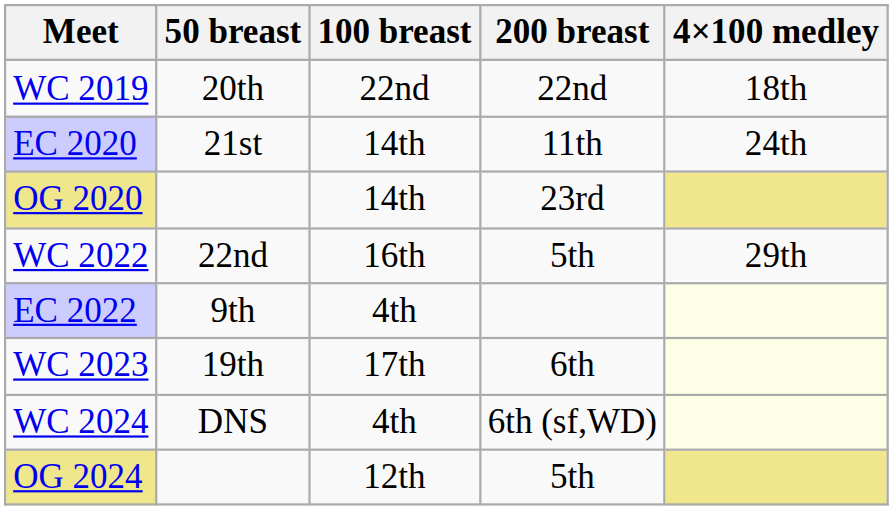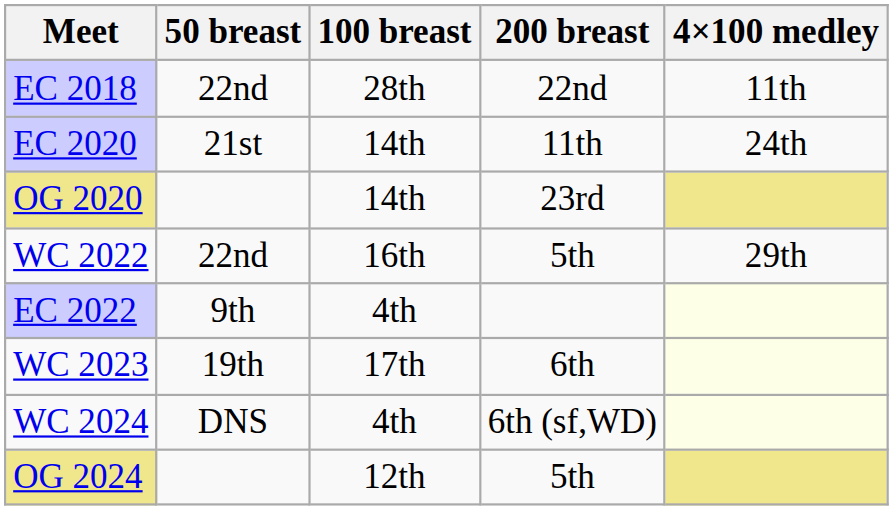 <table class="sortable wikitable">
 <tr>
 <th>Meet</th>
 <th class="unsortable">50 breast</th>
 <th class="unsortable">100 breast</th>
 <th class="unsortable">200 breast</th>
 <th class="unsortable">4×100 medley</th>
 </tr>
 <tr>
-<td><a href='#'>WC 2019</a></td>
-<td align="center">20th</td>
+<td style="background:#ccccff"><a href='#'>EC 2018</a></td>
 <td align="center">22nd</td>
+<td align="center">28th</td>
 <td align="center">22nd</td>
-<td align="center">18th</td>
+<td align="center">11th</td>
 </tr>
 <tr>
 <td style="background:#ccccff"><a href='#'>EC 2020</a></td>
 <td align="center">21st</td>
 <td align="center">14th</td>
 <td align="center">11th</td>
 <td align="center">24th</td>
 </tr>
 <tr>
 <td style="background:#f0e68c"><a href='#'>OG 2020</a></td>
 <td></td>
 <td align="center">14th</td>
 <td align="center">23rd</td>
 <td style="background:#f0e68c"></td>
 </tr>
 <tr>
 <td><a href='#'>WC 2022</a></td>
 <td align="center">22nd</td>
 <td align="center">16th</td>
 <td align="center">5th</td>
 <td align="center">29th</td>
 </tr>
 <tr>
 <td style="background:#ccccff"><a href='#'>EC 2022</a></td>
 <td align="center">9th</td>
 <td align="center">4th</td>
 <td align="center"></td>
 <td style="background:#fdffe7"></td>
 </tr>
 <tr>
 <td><a href='#'>WC 2023</a></td>
 <td align="center">19th</td>
 <td align="center">17th</td>
 <td align="center">6th</td>
 <td style="background:#fdffe7"></td>
 </tr>
 <tr>
 <td><a href='#'>WC 2024</a></td>
 <td align="center">DNS</td>
 <td align="center">4th</td>
 <td align="center">6th (sf,WD)</td>
 <td style="background:#fdffe7"></td>
 </tr>
 <tr>
 <td style="background:#f0e68c"><a href='#'>OG 2024</a></td>
 <td></td>
 <td align="center">12th</td>
 <td align="center">5th</td>
 <td style="background:#f0e68c"></td>
 </tr>
 </table>
